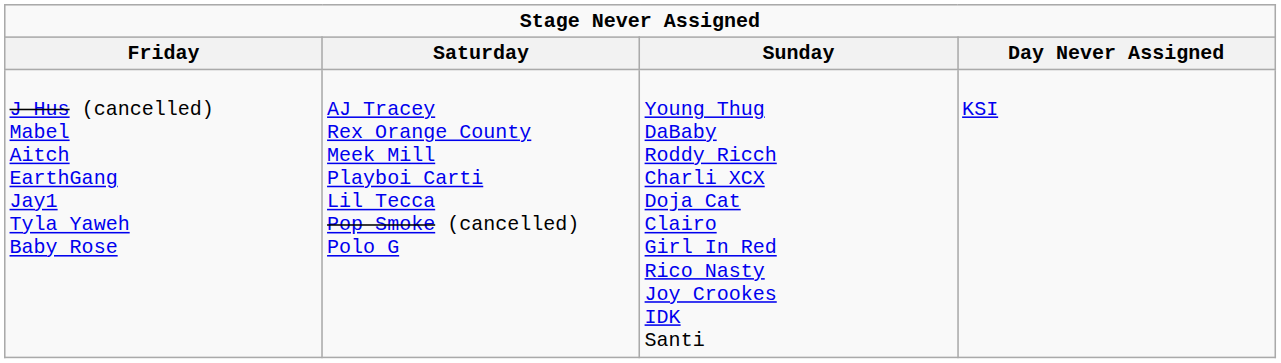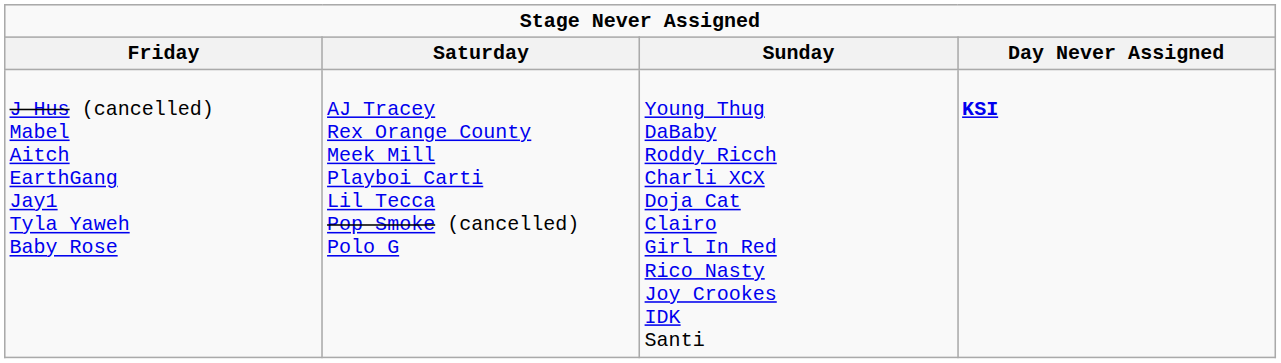 <table class="wikitable">
 <tr>
 <td colspan="4" style="text-align:center;"><strong>Stage Never Assigned</strong></td>
 </tr>
 <tr>
 <th>Friday</th>
 <th>Saturday</th>
 <th>Sunday</th>
 <th>Day Never Assigned</th>
 </tr>
 <tr>
 <td style="text-align:left; vertical-align:top; width:200px;"><br><s><a href='#'>J Hus</a></s> (cancelled) <br><a href='#'>Mabel</a> <br><a href='#'>Aitch</a> <br><a href='#'>EarthGang</a> <br><a href='#'>Jay1</a> <br><a href='#'>Tyla Yaweh</a> <br><a href='#'>Baby Rose</a></td>
 <td style="text-align:left; vertical-align:top; width:200px;"><br><a href='#'>AJ Tracey</a> <br><a href='#'>Rex Orange County</a> <br><a href='#'>Meek Mill</a> <br><a href='#'>Playboi Carti</a> <br><a href='#'>Lil Tecca</a> <br><s><a href='#'>Pop Smoke</a></s> (cancelled) <br><a href='#'>Polo G</a></td>
 <td style="text-align:left; vertical-align:top; width:200px;"><br><a href='#'>Young Thug</a> <br><a href='#'>DaBaby</a> <br><a href='#'>Roddy Ricch</a> <br><a href='#'>Charli XCX</a> <br><a href='#'>Doja Cat</a> <br><a href='#'>Clairo</a> <br><a href='#'>Girl In Red</a> <br><a href='#'>Rico Nasty</a> <br><a href='#'>Joy Crookes</a> <br><a href='#'>IDK</a> <br>Santi</td>
-<td style="text-align:left; vertical-align:top; width:200px;"><br><a href='#'>KSI</a></td>
+<td style="text-align:left; vertical-align:top; width:200px;"><strong><br><a href='#'>KSI</a></strong></td>
 </tr>
 </table>
